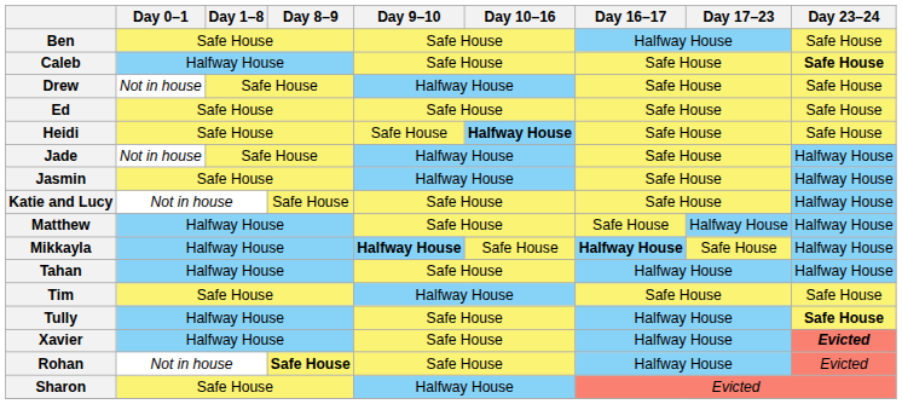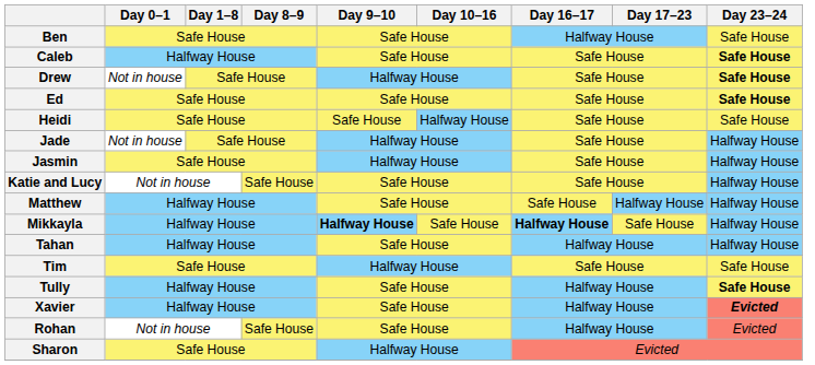 <table class="wikitable" style="text-align:center; font-size:90%; ">
 <tr>
 <th></th>
 <th>Day 0–1</th>
 <th>Day 1–8</th>
 <th>Day 8–9</th>
 <th>Day 9–10</th>
 <th>Day 10–16</th>
 <th>Day 16–17</th>
 <th>Day 17–23</th>
 <th>Day 23–24</th>
 </tr>
 <tr>
 <th>Ben</th>
 <td colspan="3" style="background:#FBF373;">Safe House</td>
 <td colspan="2" style="background:#FBF373;">Safe House</td>
 <td colspan="2" style="background:#87D3F8;">Halfway House</td>
 <td style="background:#FBF373;">Safe House</td>
 </tr>
 <tr>
 <th>Caleb</th>
 <td colspan="3" style="background:#87D3F8;">Halfway House</td>
 <td colspan="2" style="background:#FBF373;">Safe House</td>
 <td colspan="2" style="background:#FBF373;">Safe House</td>
 <td style="background:#FBF373;"><strong>Safe House</strong></td>
 </tr>
 <tr>
 <th>Drew</th>
 <td style="background:#FFF;"><em>Not in house</em></td>
 <td colspan="2" style="background:#FBF373;">Safe House</td>
 <td colspan="2" style="background:#87D3F8;">Halfway House</td>
 <td colspan="2" style="background:#FBF373;">Safe House</td>
-<td style="background:#FBF373;">Safe House</td>
+<td style="background:#FBF373;"><strong>Safe House</strong></td>
 </tr>
 <tr>
 <th>Ed</th>
 <td colspan="3" style="background:#FBF373;">Safe House</td>
 <td colspan="2" style="background:#FBF373;">Safe House</td>
 <td colspan="2" style="background:#FBF373;">Safe House</td>
-<td style="background:#FBF373;">Safe House</td>
+<td style="background:#FBF373;"><strong>Safe House</strong></td>
 </tr>
 <tr>
 <th>Heidi</th>
 <td colspan="3" style="background:#FBF373;">Safe House</td>
 <td style="background:#FBF373;">Safe House</td>
-<td style="background:#87D3F8;"><strong>Halfway House</strong></td>
+<td style="background:#87D3F8;">Halfway House</td>
 <td colspan="2" style="background:#FBF373;">Safe House</td>
 <td style="background:#FBF373;">Safe House</td>
 </tr>
 <tr>
 <th>Jade</th>
 <td style="background:#FFF;"><em>Not in house</em></td>
 <td colspan="2" style="background:#FBF373;">Safe House</td>
 <td colspan="2" style="background:#87D3F8;">Halfway House</td>
 <td colspan="2" style="background:#FBF373;">Safe House</td>
 <td style="background:#87D3F8;">Halfway House</td>
 </tr>
 <tr>
 <th>Jasmin</th>
 <td colspan="3" style="background:#FBF373;">Safe House</td>
 <td colspan="2" style="background:#87D3F8;">Halfway House</td>
 <td colspan="2" style="background:#FBF373;">Safe House</td>
 <td style="background:#87D3F8;">Halfway House</td>
 </tr>
 <tr>
 <th>Katie and Lucy</th>
 <td colspan="2" style="background:#FFF;"><em>Not in house</em></td>
 <td style="background:#FBF373;">Safe House</td>
 <td colspan="2" style="background:#FBF373;">Safe House</td>
 <td colspan="2" style="background:#FBF373;">Safe House</td>
 <td style="background:#87D3F8;">Halfway House</td>
 </tr>
 <tr>
 <th>Matthew</th>
 <td colspan="3" style="background:#87D3F8;">Halfway House</td>
 <td colspan="2" style="background:#FBF373;">Safe House</td>
 <td style="background:#FBF373;">Safe House</td>
 <td style="background:#87D3F8;">Halfway House</td>
 <td style="background:#87D3F8;">Halfway House</td>
 </tr>
 <tr>
 <th>Mikkayla</th>
 <td colspan="3" style="background:#87D3F8;">Halfway House</td>
 <td style="background:#87D3F8;"><strong>Halfway House</strong></td>
 <td style="background:#FBF373;">Safe House</td>
 <td style="background:#87D3F8;"><strong>Halfway House</strong></td>
 <td style="background:#FBF373;">Safe House</td>
 <td style="background:#87D3F8;">Halfway House</td>
 </tr>
 <tr>
 <th>Tahan</th>
 <td colspan="3" style="background:#87D3F8;">Halfway House</td>
 <td colspan="2" style="background:#FBF373;">Safe House</td>
 <td colspan="2" style="background:#87D3F8;">Halfway House</td>
 <td style="background:#87D3F8;">Halfway House</td>
 </tr>
 <tr>
 <th>Tim</th>
 <td colspan="3" style="background:#FBF373;">Safe House</td>
 <td colspan="2" style="background:#87D3F8;">Halfway House</td>
 <td colspan="2" style="background:#FBF373;">Safe House</td>
 <td style="background:#FBF373;">Safe House</td>
 </tr>
 <tr>
 <th>Tully</th>
 <td colspan="3" style="background:#87D3F8;">Halfway House</td>
 <td colspan="2" style="background:#FBF373;">Safe House</td>
 <td colspan="2" style="background:#87D3F8;">Halfway House</td>
 <td style="background:#FBF373;"><strong>Safe House</strong></td>
 </tr>
 <tr>
 <th>Xavier</th>
 <td colspan="3" style="background:#87D3F8;">Halfway House</td>
 <td colspan="2" style="background:#FBF373;">Safe House</td>
 <td colspan="2" style="background:#87D3F8;">Halfway House</td>
 <td style="background:salmon;"><strong><em>Evicted</em></strong></td>
 </tr>
 <tr>
 <th>Rohan</th>
 <td colspan="2" style="background:#FFF;"><em>Not in house</em></td>
-<td style="background:#FBF373;"><strong>Safe House</strong></td>
+<td style="background:#FBF373;">Safe House</td>
 <td colspan="2" style="background:#FBF373;">Safe House</td>
 <td colspan="2" style="background:#87D3F8;">Halfway House</td>
 <td style="background:salmon;"><em>Evicted</em></td>
 </tr>
 <tr>
 <th>Sharon</th>
 <td colspan="3" style="background:#FBF373;">Safe House</td>
 <td colspan="2" style="background:#87D3F8;">Halfway House</td>
 <td colspan="3" style="background:salmon;"><em>Evicted</em></td>
 </tr>
 <tr>
 </tr>
 </table>
